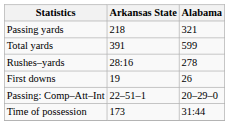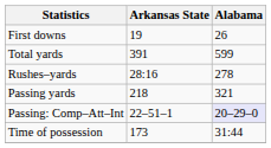 <table class="wikitable" style="float: left;">
 <tr>
 <th>Statistics</th>
 <th>Arkansas State</th>
 <th>Alabama</th>
 </tr>
 <tr>
-<td>Passing yards</td>
-<td>218</td>
-<td>321</td>
+<td>First downs</td>
+<td>19</td>
+<td>26</td>
 </tr>
 <tr>
 <td>Total yards</td>
 <td>391</td>
 <td>599</td>
 </tr>
 <tr>
 <td>Rushes–yards</td>
 <td>28:16</td>
 <td>278</td>
 </tr>
 <tr>
-<td>First downs</td>
-<td>19</td>
-<td>26</td>
+<td>Passing yards</td>
+<td>218</td>
+<td>321</td>
 </tr>
 <tr>
 <td>Passing: Comp–Att–Int</td>
 <td>22–51–1</td>
-<td>20–29–0</td>
+<td style="background: lavender;">20–29–0</td>
 </tr>
 <tr>
 <td>Time of possession</td>
 <td>173</td>
 <td>31:44</td>
 </tr>
 <tr>
 </tr>
 </table>
